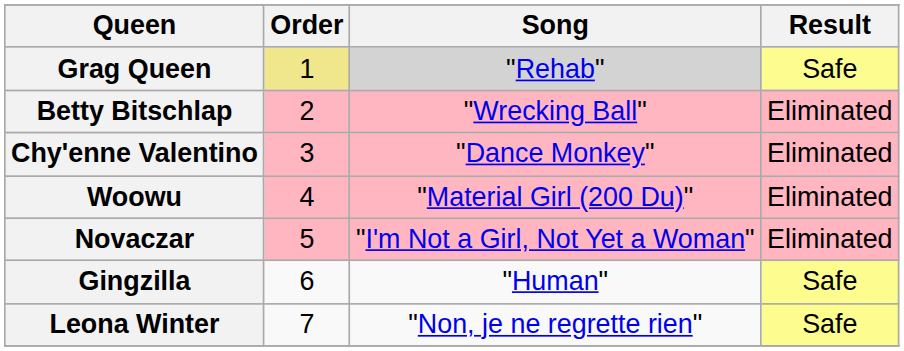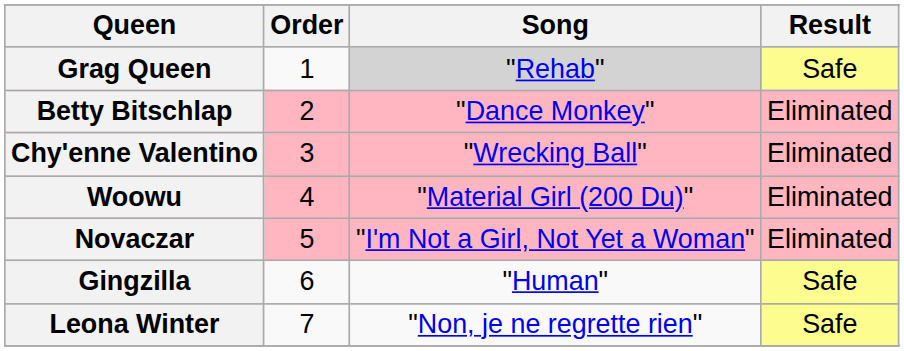 <table class="wikitable plainrowheaders" style="text-align:center;">
 <tr>
 </tr>
 <tr>
 <th scope="col">Queen</th>
 <th scope="col">Order</th>
 <th scope="col">Song</th>
 <th scope="col">Result</th>
 </tr>
 <tr>
 <th>Grag Queen</th>
-<td style="background: khaki;">1</td>
+<td>1</td>
 <td style="background: lightgrey;">"<a href='#'>Rehab</a>"</td>
 <td style="background:#FDFC8F;">Safe</td>
 </tr>
 <tr style="background:lightpink;">
 <th>Betty Bitschlap</th>
 <td>2</td>
-<td>"<a href='#'>Wrecking Ball</a>"</td>
+<td>"<a href='#'>Dance Monkey</a>"</td>
 <td>Eliminated</td>
 </tr>
 <tr style="background:lightpink;">
 <th>Chy'enne Valentino</th>
 <td>3</td>
-<td>"<a href='#'>Dance Monkey</a>"</td>
+<td>"<a href='#'>Wrecking Ball</a>"</td>
 <td>Eliminated</td>
 </tr>
 <tr style="background:lightpink;">
 <th>Woowu</th>
 <td>4</td>
 <td>"<a href='#'>Material Girl (200 Du)</a>"</td>
 <td>Eliminated</td>
 </tr>
 <tr style="background:lightpink;">
 <th>Novaczar</th>
 <td>5</td>
 <td>"<a href='#'>I'm Not a Girl, Not Yet a Woman</a>"</td>
 <td>Eliminated</td>
 </tr>
 <tr>
 <th>Gingzilla</th>
 <td>6</td>
 <td>"<a href='#'>Human</a>"</td>
 <td style="background:#FDFC8F;">Safe</td>
 </tr>
 <tr>
 <th>Leona Winter</th>
 <td>7</td>
 <td>"<a href='#'>Non, je ne regrette rien</a>"</td>
 <td style="background:#FDFC8F;">Safe</td>
 </tr>
 <tr>
 </tr>
 </table>
